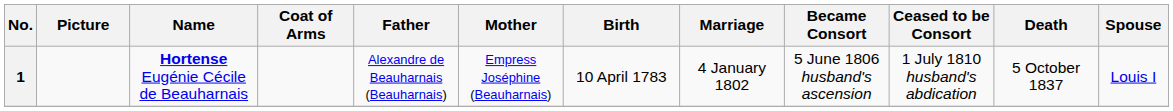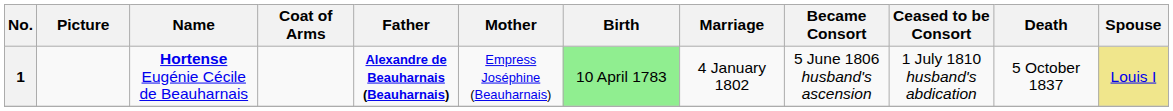 <table width=95% class="wikitable">
 <tr>
 <th width = "2%">No.</th>
 <th width = "8%">Picture</th>
 <th width = "11%">Name</th>
 <th>Coat of Arms</th>
 <th width="9%">Father</th>
 <th width = "9%">Mother</th>
 <th width = "10%">Birth</th>
 <th width = "9%">Marriage</th>
 <th width = "9%">Became Consort</th>
 <th width = "9%">Ceased to be Consort</th>
 <th width = "9%">Death</th>
 <th width = "6%">Spouse</th>
 </tr>
 <tr>
 <th align="center">1</th>
 <td align="center"></td>
 <td align="center"><a href='#'><strong>Hortense</strong> Eugénie Cécile de Beauharnais</a></td>
 <td></td>
-<td align="center"><small><a href='#'>Alexandre de Beauharnais</a><br>(<a href='#'>Beauharnais</a>)</small></td>
+<td align="center"><strong><small><a href='#'>Alexandre de Beauharnais</a><br>(<a href='#'>Beauharnais</a>)</small></strong></td>
 <td align="center"><small><a href='#'>Empress Joséphine</a><br>(<a href='#'>Beauharnais</a>)</small></td>
-<td align="center">10 April 1783</td>
+<td align="center" style="background: lightgreen;">10 April 1783</td>
 <td align="center">4 January 1802</td>
 <td align="center">5 June 1806<br><em>husband's ascension</em></td>
 <td align="center">1 July 1810<br><em>husband's abdication</em></td>
 <td align="center">5 October 1837</td>
-<td align="center"><a href='#'>Louis I</a></td>
+<td align="center" style="background: khaki;"><a href='#'>Louis I</a></td>
 </tr>
 <tr>
 </tr>
 </table>
